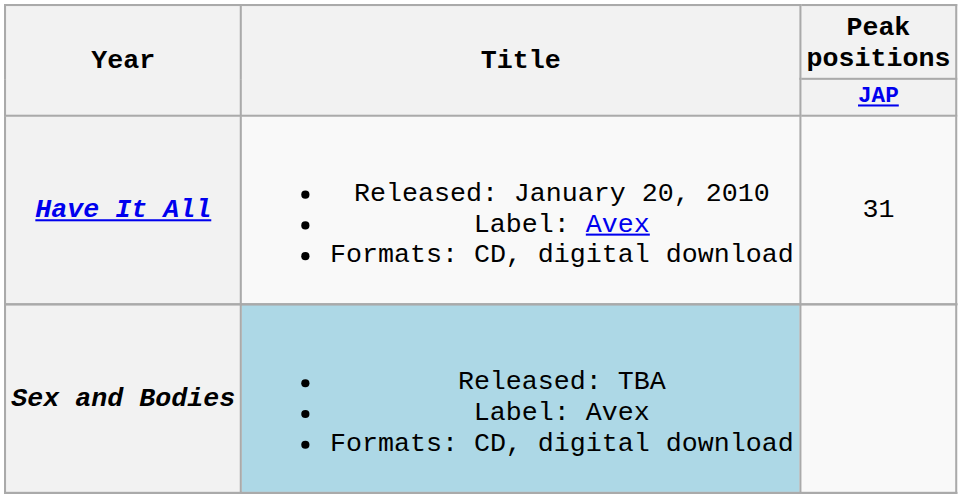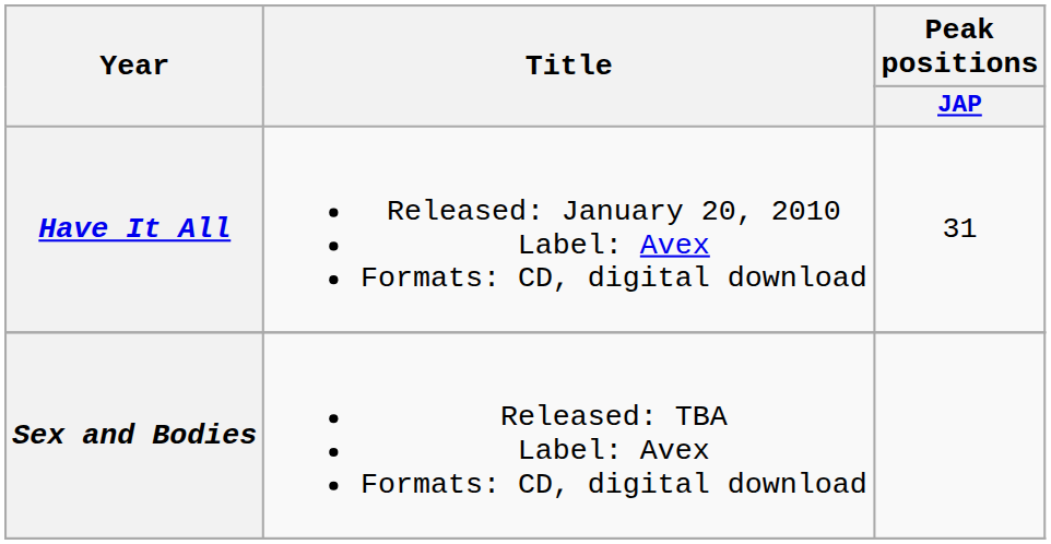 <table class="wikitable plainrowheaders" style="text-align:center;">
 <tr>
 <th scope="col" rowspan=2>Year</th>
 <th scope="col" rowspan=2>Title</th>
 <th scope="col" colspan=1>Peak positions</th>
 </tr>
 <tr>
 <th scope="col" style="width:4em;font-size:85%;"><a href='#'>JAP</a></th>
 </tr>
 <tr>
 <th scope="row"><em><a href='#'>Have It All</a></em></th>
 <td><br><ul><li>Released: January 20, 2010</li><li>Label: <a href='#'>Avex</a></li><li>Formats: CD, digital download</li></ul></td>
 <td style="text-align:center;">31</td>
 </tr>
 <tr>
 </tr>
 <tr>
 <th scope="row"><em>Sex and Bodies</em></th>
-<td style="background: lightblue;"><br><ul><li>Released: TBA</li><li>Label: Avex</li><li>Formats: CD, digital download</li></ul></td>
+<td><br><ul><li>Released: TBA</li><li>Label: Avex</li><li>Formats: CD, digital download</li></ul></td>
 <td style="text-align:center;"></td>
 </tr>
 <tr>
 </tr>
 </table>
